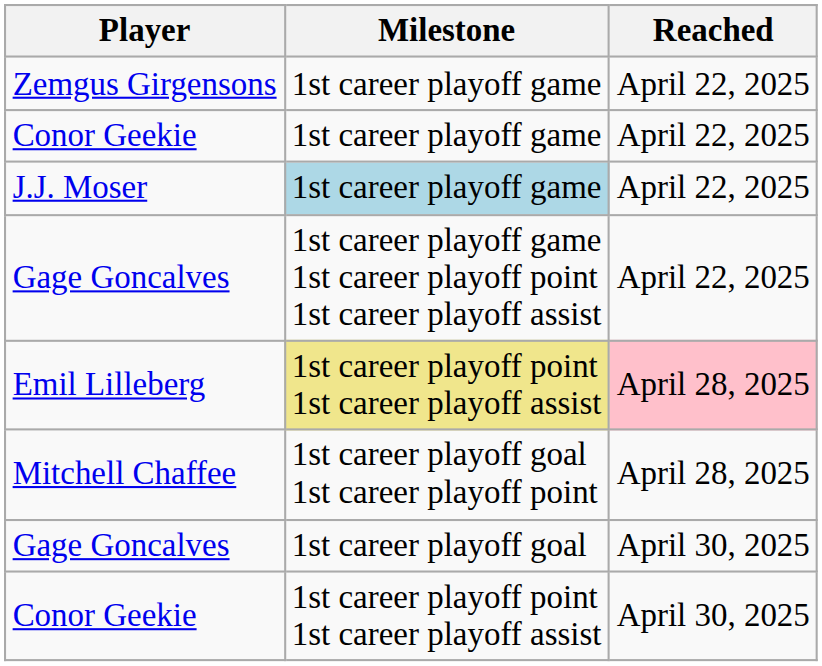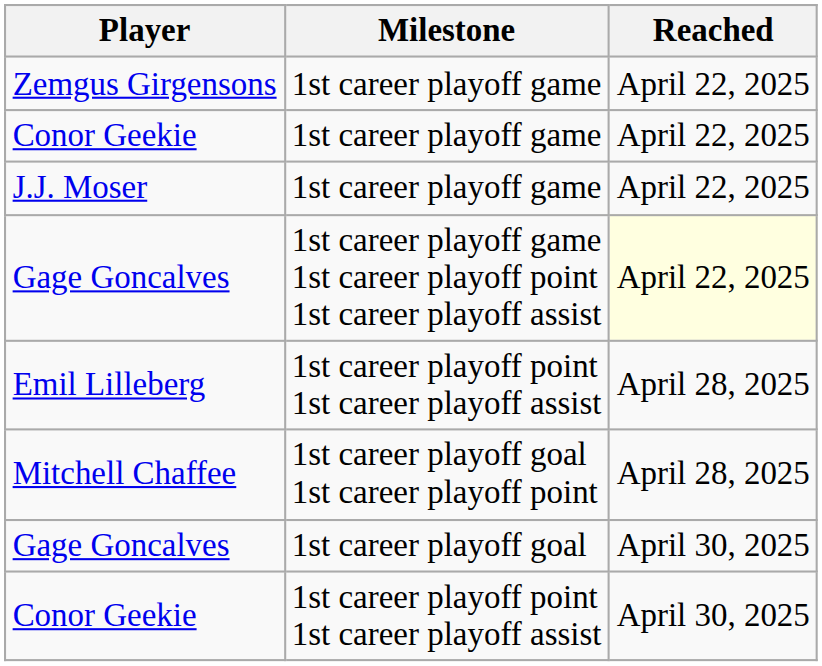 <table class="wikitable sortable">
 <tr align=center>
 <th>Player</th>
 <th>Milestone</th>
 <th data-sort-type="date">Reached</th>
 </tr>
 <tr>
 <td><a href='#'>Zemgus Girgensons</a></td>
 <td>1st career playoff game</td>
 <td>April 22, 2025</td>
 </tr>
 <tr>
 <td><a href='#'>Conor Geekie</a></td>
 <td>1st career playoff game</td>
 <td>April 22, 2025</td>
 </tr>
 <tr>
 <td><a href='#'>J.J. Moser</a></td>
-<td style="background: lightblue;">1st career playoff game</td>
+<td>1st career playoff game</td>
 <td>April 22, 2025</td>
 </tr>
 <tr>
 <td><a href='#'>Gage Goncalves</a></td>
 <td>1st career playoff game<br>1st career playoff point<br>1st career playoff assist</td>
-<td>April 22, 2025</td>
+<td style="background: lightyellow;">April 22, 2025</td>
 </tr>
 <tr>
 <td><a href='#'>Emil Lilleberg</a></td>
-<td style="background: khaki;">1st career playoff point<br>1st career playoff assist</td>
-<td style="background: pink;">April 28, 2025</td>
+<td>1st career playoff point<br>1st career playoff assist</td>
+<td>April 28, 2025</td>
 </tr>
 <tr>
 <td><a href='#'>Mitchell Chaffee</a></td>
 <td>1st career playoff goal<br>1st career playoff point</td>
 <td>April 28, 2025</td>
 </tr>
 <tr>
 <td><a href='#'>Gage Goncalves</a></td>
 <td>1st career playoff goal</td>
 <td>April 30, 2025</td>
 </tr>
 <tr>
 <td><a href='#'>Conor Geekie</a></td>
 <td>1st career playoff point<br>1st career playoff assist</td>
 <td>April 30, 2025</td>
 </tr>
 </table>
